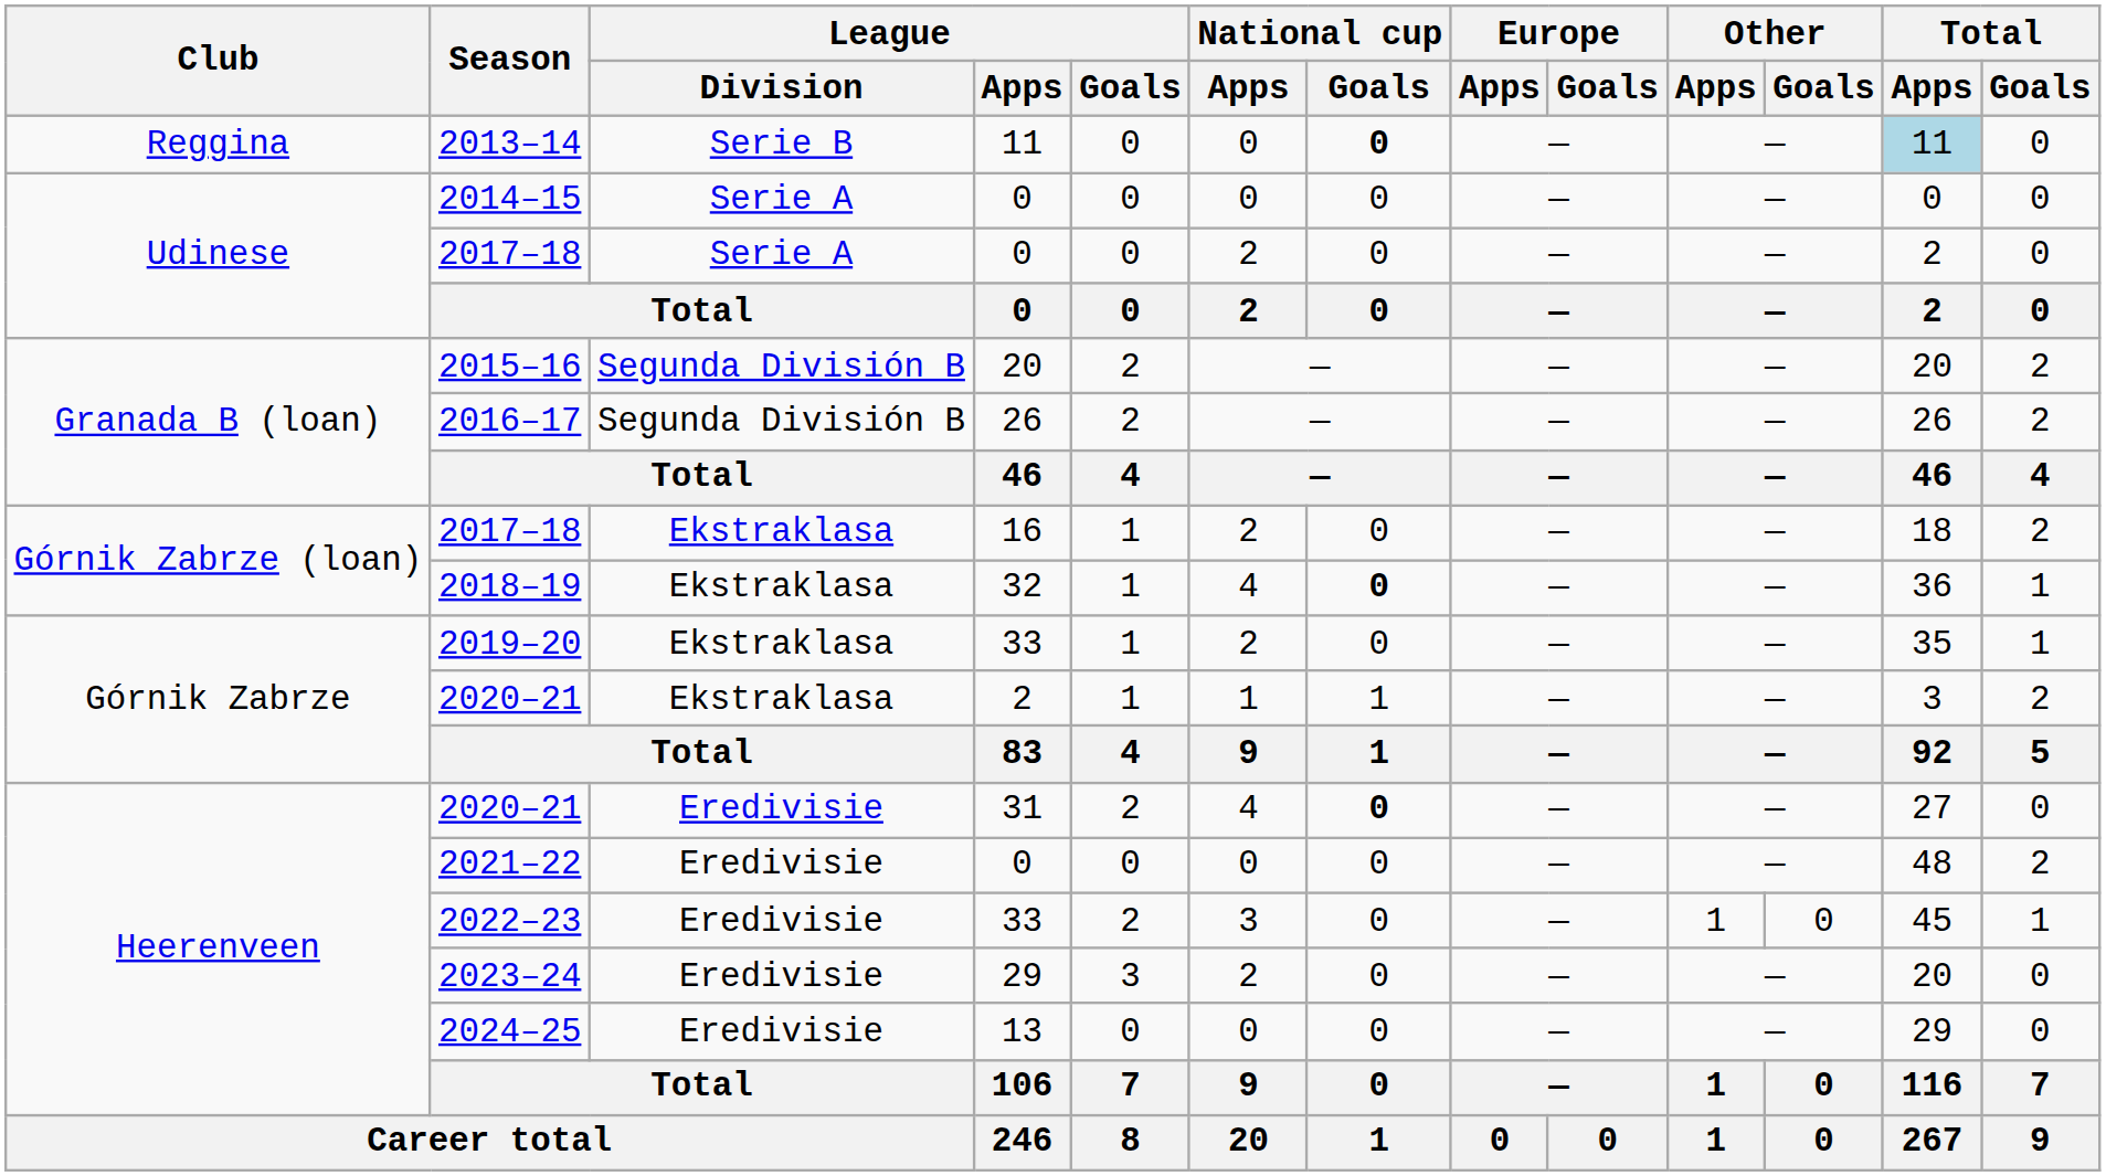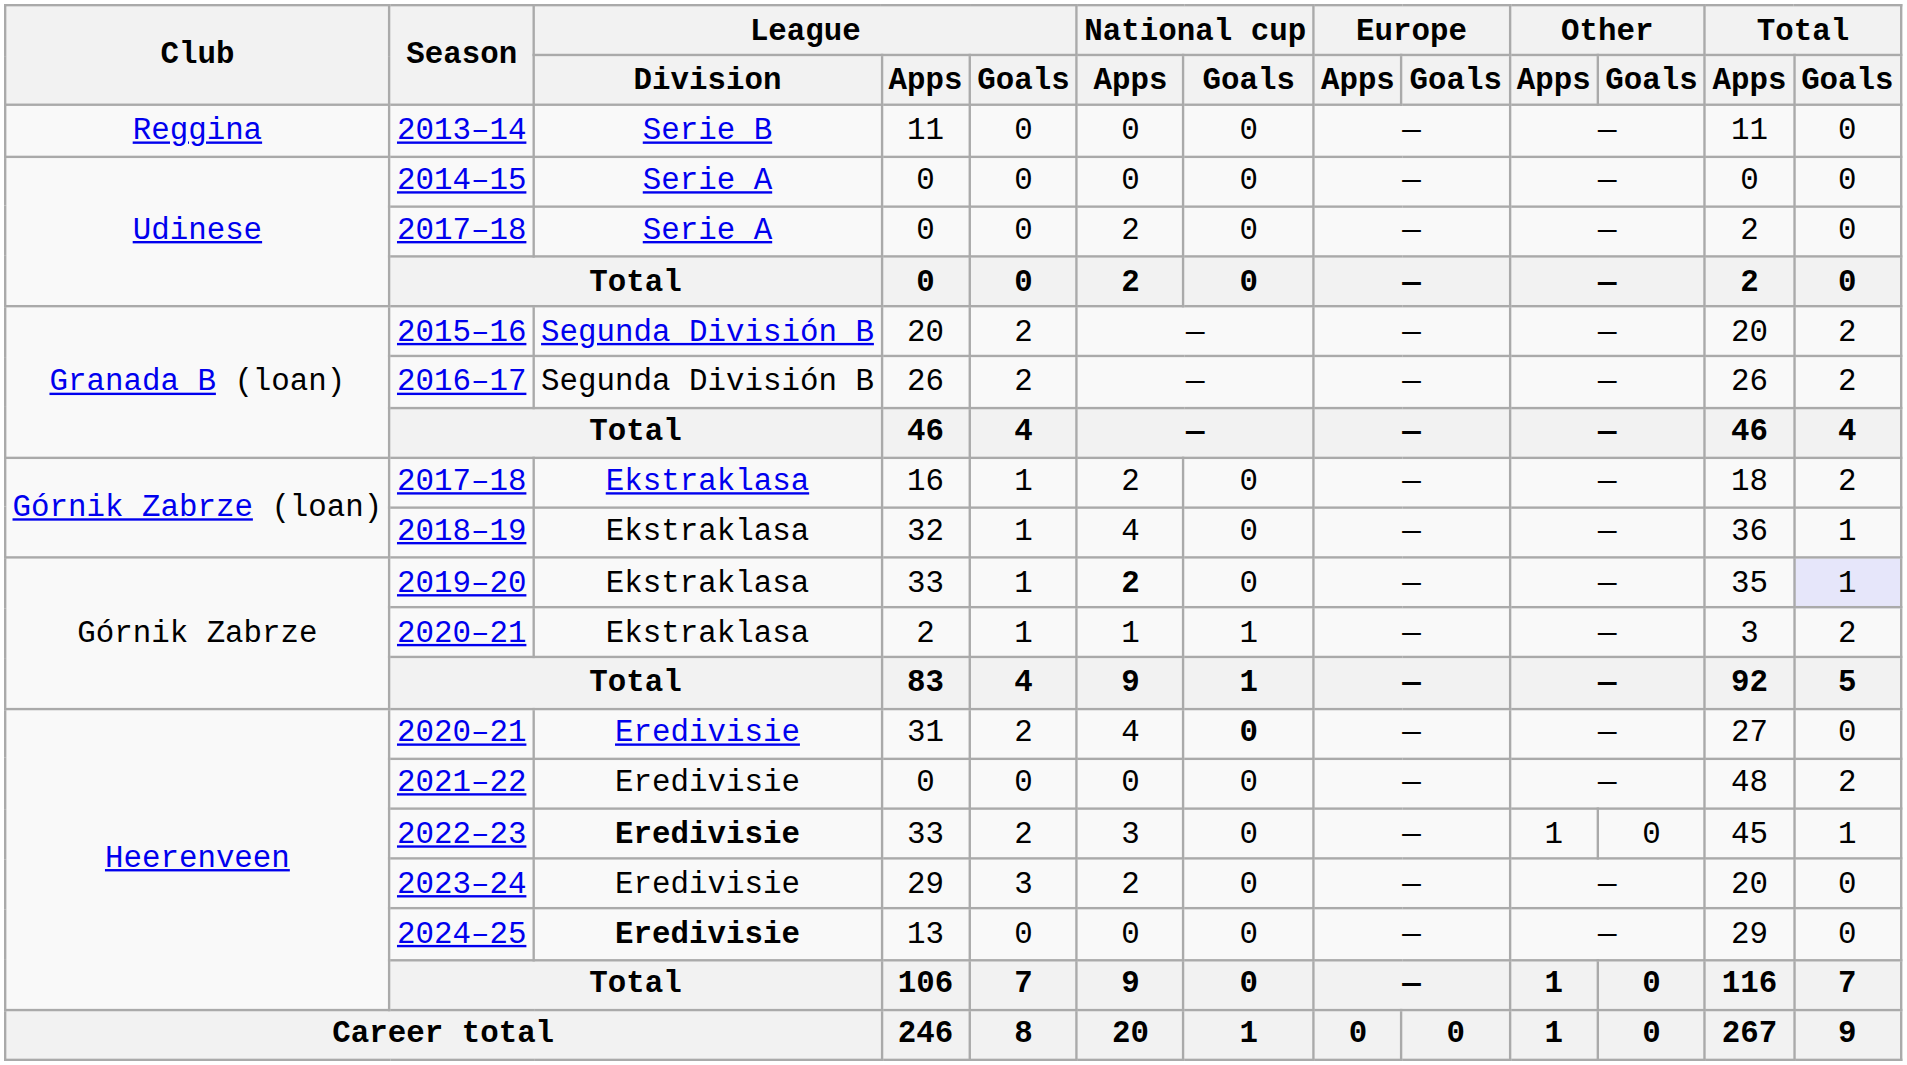 <table class="wikitable" style="text-align: center;">
 <tr>
 <th rowspan="2">Club</th>
 <th rowspan="2">Season</th>
 <th colspan="3">League</th>
 <th colspan="2">National cup</th>
 <th colspan="2">Europe</th>
 <th colspan="2">Other</th>
 <th colspan="2">Total</th>
 </tr>
 <tr>
 <th>Division</th>
 <th>Apps</th>
 <th>Goals</th>
 <th>Apps</th>
 <th>Goals</th>
 <th>Apps</th>
 <th>Goals</th>
 <th>Apps</th>
 <th>Goals</th>
 <th>Apps</th>
 <th>Goals</th>
 </tr>
 <tr>
 <td><a href='#'>Reggina</a></td>
 <td><a href='#'>2013–14</a></td>
 <td><a href='#'>Serie B</a></td>
 <td>11</td>
 <td>0</td>
 <td>0</td>
-<td><strong>0</strong></td>
+<td>0</td>
 <td colspan="2">—</td>
 <td colspan="2">—</td>
-<td style="background: lightblue;">11</td>
+<td>11</td>
 <td>0</td>
 </tr>
 <tr>
 <td rowspan="3"><a href='#'>Udinese</a></td>
 <td><a href='#'>2014–15</a></td>
 <td><a href='#'>Serie A</a></td>
 <td>0</td>
 <td>0</td>
 <td>0</td>
 <td>0</td>
 <td colspan="2">—</td>
 <td colspan="2">—</td>
 <td>0</td>
 <td>0</td>
 </tr>
 <tr>
 <td><a href='#'>2017–18</a></td>
 <td><a href='#'>Serie A</a></td>
 <td>0</td>
 <td>0</td>
 <td>2</td>
 <td>0</td>
 <td colspan="2">—</td>
 <td colspan="2">—</td>
 <td>2</td>
 <td>0</td>
 </tr>
 <tr>
 <th colspan="2">Total</th>
 <th>0</th>
 <th>0</th>
 <th>2</th>
 <th>0</th>
 <th colspan="2">—</th>
 <th colspan="2">—</th>
 <th>2</th>
 <th>0</th>
 </tr>
 <tr>
 <td rowspan="3"><a href='#'>Granada B</a> (loan)</td>
 <td><a href='#'>2015–16</a></td>
 <td><a href='#'>Segunda División B</a></td>
 <td>20</td>
 <td>2</td>
 <td colspan="2">—</td>
 <td colspan="2">—</td>
 <td colspan="2">—</td>
 <td>20</td>
 <td>2</td>
 </tr>
 <tr>
 <td><a href='#'>2016–17</a></td>
 <td>Segunda División B</td>
 <td>26</td>
 <td>2</td>
 <td colspan="2">—</td>
 <td colspan="2">—</td>
 <td colspan="2">—</td>
 <td>26</td>
 <td>2</td>
 </tr>
 <tr>
 <th colspan="2">Total</th>
 <th>46</th>
 <th>4</th>
 <th colspan="2">—</th>
 <th colspan="2">—</th>
 <th colspan="2">—</th>
 <th>46</th>
 <th>4</th>
 </tr>
 <tr>
 <td rowspan="2"><a href='#'>Górnik Zabrze</a> (loan)</td>
 <td><a href='#'>2017–18</a></td>
 <td><a href='#'>Ekstraklasa</a></td>
 <td>16</td>
 <td>1</td>
 <td>2</td>
 <td>0</td>
 <td colspan="2">—</td>
 <td colspan="2">—</td>
 <td>18</td>
 <td>2</td>
 </tr>
 <tr>
 <td><a href='#'>2018–19</a></td>
 <td>Ekstraklasa</td>
 <td>32</td>
 <td>1</td>
 <td>4</td>
-<td><strong>0</strong></td>
+<td>0</td>
 <td colspan="2">—</td>
 <td colspan="2">—</td>
 <td>36</td>
 <td>1</td>
 </tr>
 <tr>
 <td rowspan="3">Górnik Zabrze</td>
 <td><a href='#'>2019–20</a></td>
 <td>Ekstraklasa</td>
 <td>33</td>
 <td>1</td>
-<td>2</td>
+<td><strong>2</strong></td>
 <td>0</td>
 <td colspan="2">—</td>
 <td colspan="2">—</td>
 <td>35</td>
-<td>1</td>
+<td style="background: lavender;">1</td>
 </tr>
 <tr>
 <td><a href='#'>2020–21</a></td>
 <td>Ekstraklasa</td>
 <td>2</td>
 <td>1</td>
 <td>1</td>
 <td>1</td>
 <td colspan="2">—</td>
 <td colspan="2">—</td>
 <td>3</td>
 <td>2</td>
 </tr>
 <tr>
 <th colspan="2">Total</th>
 <th>83</th>
 <th>4</th>
 <th>9</th>
 <th>1</th>
 <th colspan="2">—</th>
 <th colspan="2">—</th>
 <th>92</th>
 <th>5</th>
 </tr>
 <tr>
 <td rowspan="6"><a href='#'>Heerenveen</a></td>
 <td><a href='#'>2020–21</a></td>
 <td><a href='#'>Eredivisie</a></td>
 <td>31</td>
 <td>2</td>
 <td>4</td>
 <td><strong>0</strong></td>
 <td colspan="2">—</td>
 <td colspan="2">—</td>
 <td>27</td>
 <td>0</td>
 </tr>
 <tr>
 <td><a href='#'>2021–22</a></td>
 <td>Eredivisie</td>
 <td>0</td>
 <td>0</td>
 <td>0</td>
 <td>0</td>
 <td colspan="2">—</td>
 <td colspan="2">—</td>
 <td>48</td>
 <td>2</td>
 </tr>
 <tr>
 <td><a href='#'>2022–23</a></td>
-<td>Eredivisie</td>
+<td><strong>Eredivisie</strong></td>
 <td>33</td>
 <td>2</td>
 <td>3</td>
 <td>0</td>
 <td colspan="2">—</td>
 <td>1</td>
 <td>0</td>
 <td>45</td>
 <td>1</td>
 </tr>
 <tr>
 <td><a href='#'>2023–24</a></td>
 <td>Eredivisie</td>
 <td>29</td>
 <td>3</td>
 <td>2</td>
 <td>0</td>
 <td colspan="2">—</td>
 <td colspan="2">—</td>
 <td>20</td>
 <td>0</td>
 </tr>
 <tr>
 <td><a href='#'>2024–25</a></td>
-<td>Eredivisie</td>
+<td><strong>Eredivisie</strong></td>
 <td>13</td>
 <td>0</td>
 <td>0</td>
 <td>0</td>
 <td colspan="2">—</td>
 <td colspan="2">—</td>
 <td>29</td>
 <td>0</td>
 </tr>
 <tr>
 <th colspan="2">Total</th>
 <th>106</th>
 <th>7</th>
 <th>9</th>
 <th>0</th>
 <th colspan="2">—</th>
 <th>1</th>
 <th>0</th>
 <th>116</th>
 <th>7</th>
 </tr>
 <tr>
 <th colspan="3">Career total</th>
 <th>246</th>
 <th>8</th>
 <th>20</th>
 <th>1</th>
 <th>0</th>
 <th>0</th>
 <th>1</th>
 <th>0</th>
 <th>267</th>
 <th>9</th>
 </tr>
 </table>
